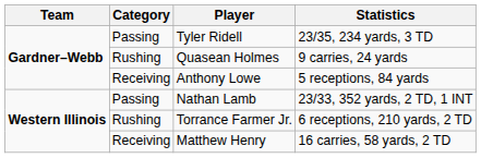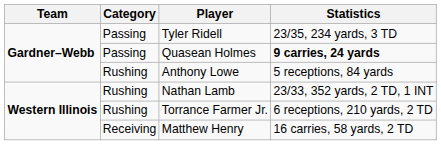 <table class="wikitable" style="float: right;">
 <tr>
 <th>Team</th>
 <th>Category</th>
 <th>Player</th>
 <th>Statistics</th>
 </tr>
 <tr>
 <td rowspan=3><strong>Gardner–Webb</strong></td>
 <td>Passing</td>
 <td>Tyler Ridell</td>
 <td>23/35, 234 yards, 3 TD</td>
 </tr>
 <tr>
-<td>Rushing</td>
+<td>Passing</td>
 <td>Quasean Holmes</td>
-<td>9 carries, 24 yards</td>
+<td><strong>9 carries, 24 yards</strong></td>
 </tr>
 <tr>
-<td>Receiving</td>
+<td>Rushing</td>
 <td>Anthony Lowe</td>
 <td>5 receptions, 84 yards</td>
 </tr>
 <tr>
 <td rowspan=3><strong>Western Illinois</strong></td>
-<td>Passing</td>
+<td>Rushing</td>
 <td>Nathan Lamb</td>
 <td>23/33, 352 yards, 2 TD, 1 INT</td>
 </tr>
 <tr>
 <td>Rushing</td>
 <td>Torrance Farmer Jr.</td>
 <td>6 receptions, 210 yards, 2 TD</td>
 </tr>
 <tr>
 <td>Receiving</td>
 <td>Matthew Henry</td>
 <td>16 carries, 58 yards, 2 TD</td>
 </tr>
 </table>
